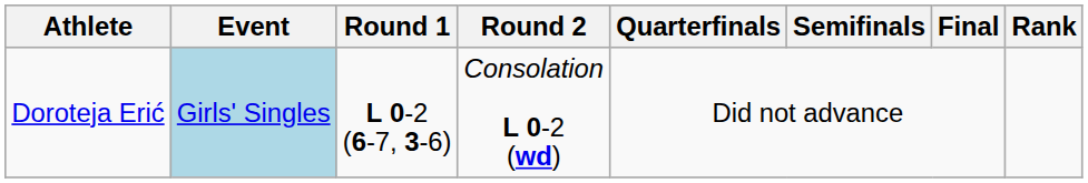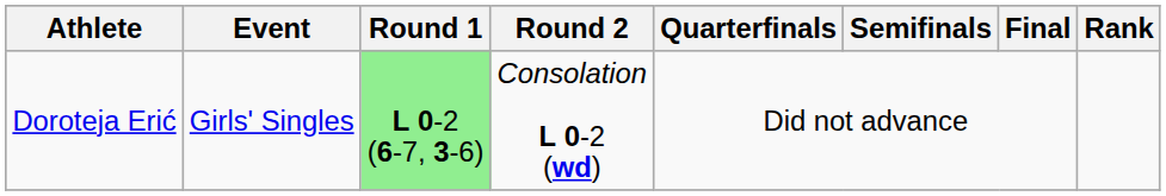 <table class=wikitable style="font-size:90%">
 <tr>
 <th>Athlete</th>
 <th>Event</th>
 <th>Round 1</th>
 <th>Round 2</th>
 <th>Quarterfinals</th>
 <th>Semifinals</th>
 <th>Final</th>
 <th>Rank</th>
 </tr>
 <tr>
 <td><a href='#'>Doroteja Erić</a></td>
-<td style="background: lightblue;"><a href='#'>Girls' Singles</a></td>
-<td align=center><br><strong>L</strong> <strong>0</strong>-2<br> (<strong>6</strong>-7, <strong>3</strong>-6)</td>
+<td><a href='#'>Girls' Singles</a></td>
+<td align=center style="background: lightgreen;"><br><strong>L</strong> <strong>0</strong>-2<br> (<strong>6</strong>-7, <strong>3</strong>-6)</td>
 <td align=center><em>Consolation</em><br><br><strong>L</strong> <strong>0</strong>-2<br> (<strong><a href='#'>wd</a></strong>)</td>
 <td colspan=3 align=center>Did not advance</td>
 <td align=center></td>
 </tr>
 </table>
